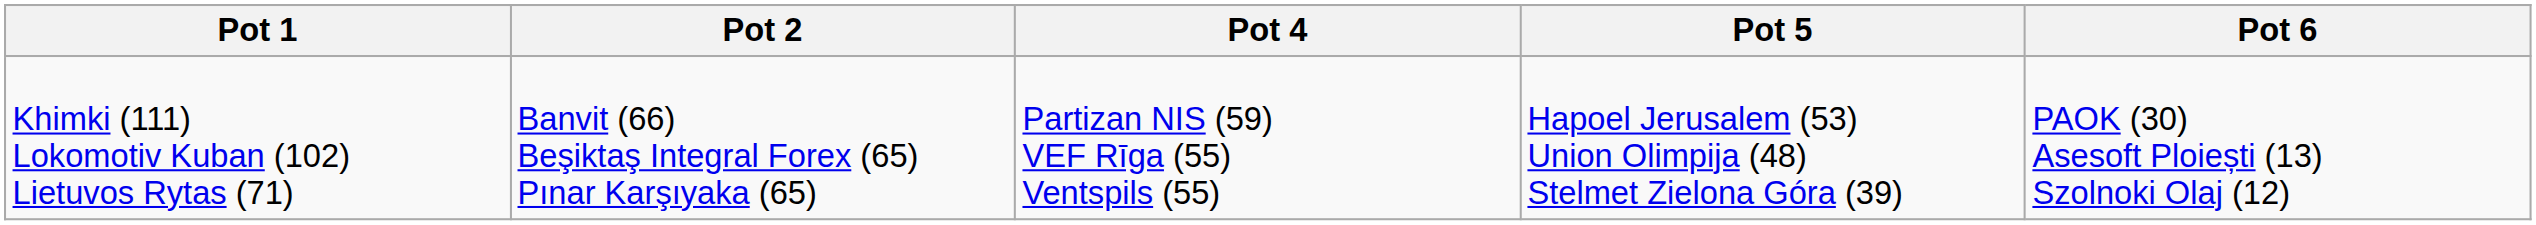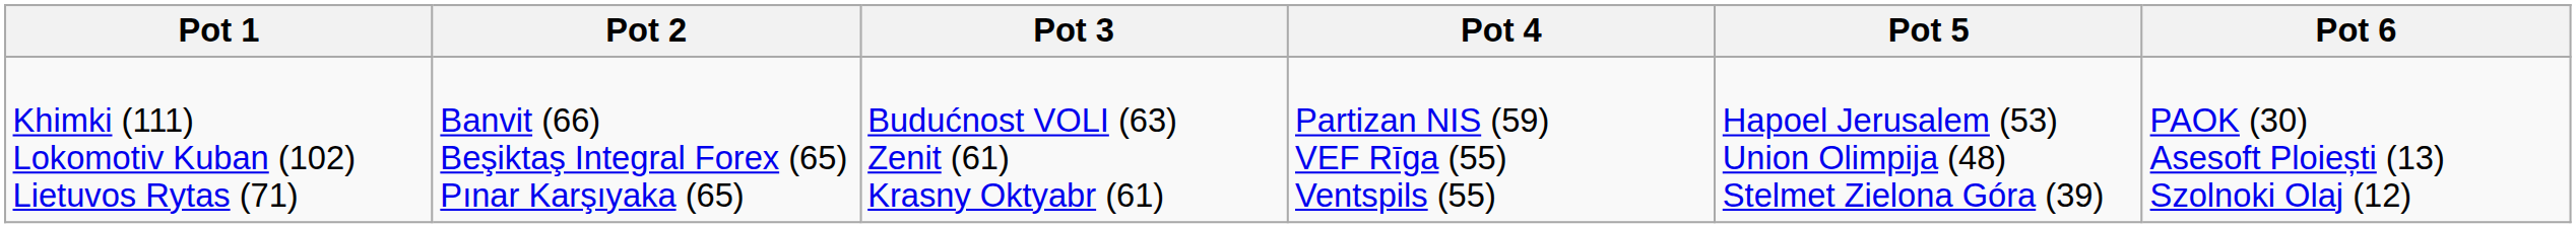 <table class="wikitable" style="width:98%;">
 <tr>
 <th width=16%><strong>Pot 1</strong></th>
 <th width=16%><strong>Pot 2</strong></th>
+<th width=16%><strong>Pot 3</strong></th>
 <th width=16%><strong>Pot 4</strong></th>
 <th width=16%><strong>Pot 5</strong></th>
 <th width=16%><strong>Pot 6</strong></th>
 </tr>
 <tr>
 <td><br> <a href='#'>Khimki</a> (111)<br>  <a href='#'>Lokomotiv Kuban</a> (102)<br>  <a href='#'>Lietuvos Rytas</a> (71)<br></td>
 <td><br> <a href='#'>Banvit</a> (66)<br>  <a href='#'>Beşiktaş Integral Forex</a> (65)<br>  <a href='#'>Pınar Karşıyaka</a> (65)<br></td>
+<td><br> <a href='#'>Budućnost VOLI</a> (63)<br>  <a href='#'>Zenit</a> (61)<br>  <a href='#'>Krasny Oktyabr</a> (61)<br></td>
 <td><br> <a href='#'>Partizan NIS</a> (59)<br>  <a href='#'>VEF Rīga</a> (55)<br>  <a href='#'>Ventspils</a> (55)<br></td>
 <td><br> <a href='#'>Hapoel Jerusalem</a> (53)<br>  <a href='#'>Union Olimpija</a> (48)<br>  <a href='#'>Stelmet Zielona Góra</a> (39)<br></td>
 <td><br> <a href='#'>PAOK</a> (30)<br>  <a href='#'>Asesoft Ploiești</a> (13)<br>  <a href='#'>Szolnoki Olaj</a> (12)<br></td>
 </tr>
 </table>
